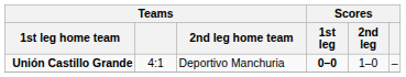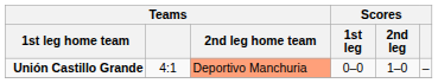 <table class="wikitable" style="text-align: center;">
 <tr>
 <th colspan=3>Teams</th>
 <th colspan=3>Scores</th>
 </tr>
 <tr>
 <th width="175">1st leg home team</th>
 <th width="50"></th>
 <th width="175">2nd leg home team</th>
 <th width="50">1st leg</th>
 <th width="50">2nd leg</th>
 <th></th>
 </tr>
 <tr>
 <td align=right><strong>Unión Castillo Grande</strong></td>
 <td>4:1</td>
-<td align=left>Deportivo Manchuria</td>
-<td><strong>0–0</strong></td>
+<td align=left style="background: lightsalmon;">Deportivo Manchuria</td>
+<td>0–0</td>
 <td>1–0</td>
 <td>–</td>
 </tr>
 <tr>
 </tr>
 </table>
